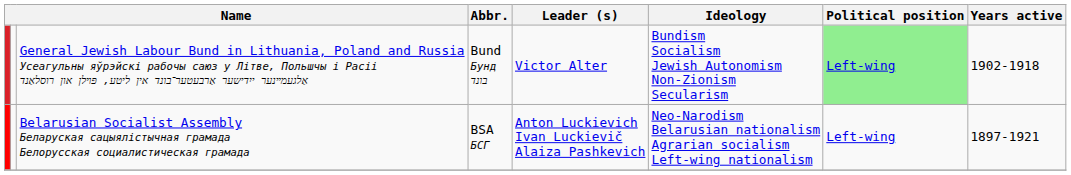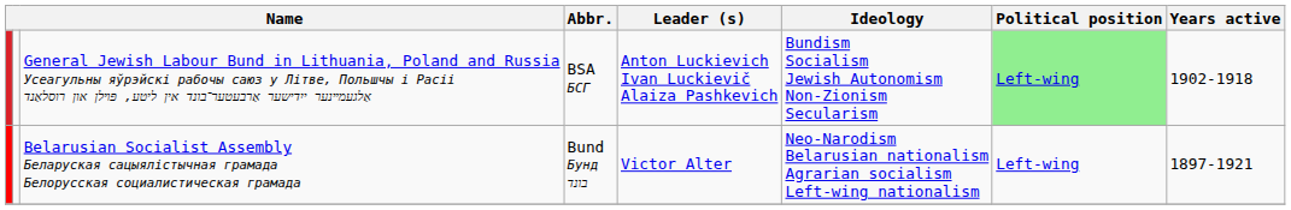 <table class="wikitable sortable">
 <tr>
 <th colspan=3>Name</th>
 <th>Abbr.</th>
 <th>Leader (s)</th>
 <th>Ideology</th>
 <th>Political position</th>
 <th>Years active</th>
 </tr>
 <tr>
 <th style="background:#DA2129;"></th>
 <td></td>
 <td><a href='#'>General Jewish Labour Bund in Lithuania, Poland and Russia</a><br><small><em>Усеагульны яўрэйскі рабочы саюз у Літве, Польшчы і Расіі<br>אַלגעמײנער ייִדישער אַרבעטער־בונד אין ליטע, פּױלן און רוסלאַנד</em></small></td>
-<td>Bund<br><small><em>Бунд<br>בונד</em></small></td>
-<td><a href='#'>Victor Alter</a></td>
+<td>BSA<br><small><em>БСГ</em></small></td>
+<td><a href='#'>Anton Luckievich</a><br><a href='#'>Ivan Luckievič</a><br><a href='#'>Alaiza Pashkevich</a></td>
 <td><a href='#'>Bundism</a><br><a href='#'>Socialism</a><br><a href='#'>Jewish Autonomism</a><br><a href='#'>Non-Zionism</a><br><a href='#'>Secularism</a></td>
 <td style="background: lightgreen;"><a href='#'>Left-wing</a></td>
 <td>1902-1918</td>
 </tr>
 <tr>
 <th style="background:#FF0000;"></th>
 <td></td>
 <td><a href='#'>Belarusian Socialist Assembly</a><br><small><em>Беларуская сацыялістычная грамада<br>Белорусская социалистическая грамада</em></small></td>
-<td>BSA<br><small><em>БСГ</em></small></td>
-<td><a href='#'>Anton Luckievich</a><br><a href='#'>Ivan Luckievič</a><br><a href='#'>Alaiza Pashkevich</a></td>
+<td>Bund<br><small><em>Бунд<br>בונד</em></small></td>
+<td><a href='#'>Victor Alter</a></td>
 <td><a href='#'>Neo-Narodism</a><br><a href='#'>Belarusian nationalism</a><br><a href='#'>Agrarian socialism</a><br><a href='#'>Left-wing nationalism</a></td>
 <td><a href='#'>Left-wing</a></td>
 <td>1897-1921</td>
 </tr>
 <tr>
 </tr>
 </table>
